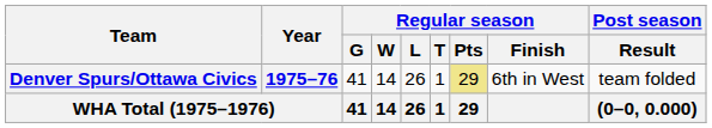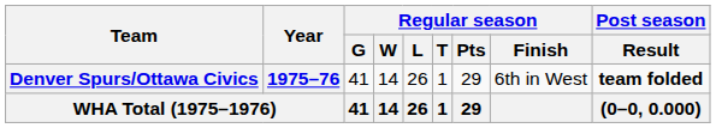 <table class="wikitable" style="font-size: 95%; text-align:center;">
 <tr>
 <th rowspan="2">Team</th>
 <th rowspan="2">Year</th>
 <th colspan="6"><a href='#'>Regular season</a></th>
 <th colspan="1"><a href='#'>Post season</a></th>
 </tr>
 <tr>
 <th>G</th>
 <th>W</th>
 <th>L</th>
 <th>T</th>
 <th>Pts</th>
 <th>Finish</th>
 <th>Result</th>
 </tr>
 <tr>
 <th><a href='#'>Denver Spurs/Ottawa Civics</a></th>
 <th><a href='#'>1975–76</a></th>
 <td>41</td>
 <td>14</td>
 <td>26</td>
 <td>1</td>
-<td style="background: khaki;">29</td>
+<td>29</td>
 <td>6th in West</td>
-<td>team folded</td>
+<td><strong>team folded</strong></td>
 </tr>
 <tr>
 <th colspan="2">WHA Total (1975–1976)</th>
 <th>41</th>
 <th>14</th>
 <th>26</th>
 <th>1</th>
 <th>29</th>
 <th></th>
 <th>(0–0, 0.000)</th>
 </tr>
 </table>
